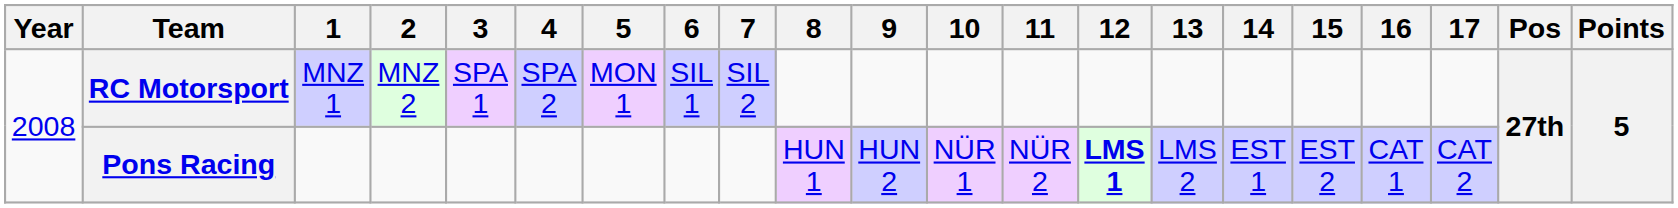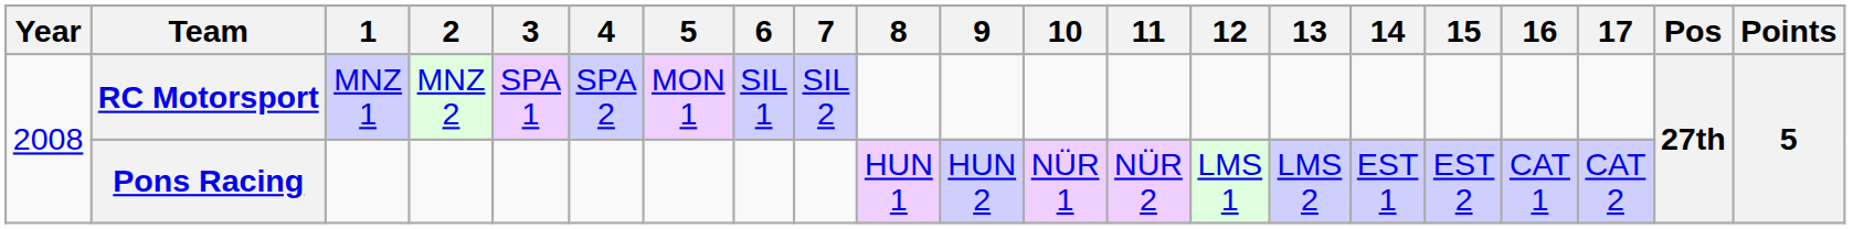 <table class="wikitable" style="text-align:center; font-size:85%">
 <tr>
 <th>Year</th>
 <th>Team</th>
 <th>1</th>
 <th>2</th>
 <th>3</th>
 <th>4</th>
 <th>5</th>
 <th>6</th>
 <th>7</th>
 <th>8</th>
 <th>9</th>
 <th>10</th>
 <th>11</th>
 <th>12</th>
 <th>13</th>
 <th>14</th>
 <th>15</th>
 <th>16</th>
 <th>17</th>
 <th>Pos</th>
 <th>Points</th>
 </tr>
 <tr>
 <td rowspan=2><a href='#'>2008</a></td>
 <th nowrap><a href='#'>RC Motorsport</a></th>
 <td style="background:#CFCFFF;"><a href='#'>MNZ<br>1</a><br></td>
 <td style="background:#DFFFDF;"><a href='#'>MNZ<br>2</a><br></td>
 <td style="background:#EFCFFF;"><a href='#'>SPA<br>1</a><br></td>
 <td style="background:#CFCFFF;"><a href='#'>SPA<br>2</a><br></td>
 <td style="background:#EFCFFF;"><a href='#'>MON<br>1</a><br></td>
 <td style="background:#CFCFFF;"><a href='#'>SIL<br>1</a><br></td>
 <td style="background:#CFCFFF;"><a href='#'>SIL<br>2</a><br></td>
 <td></td>
 <td></td>
 <td></td>
 <td></td>
 <td></td>
 <td></td>
 <td></td>
 <td></td>
 <td></td>
 <td></td>
 <th rowspan=2>27th</th>
 <th rowspan=2>5</th>
 </tr>
 <tr>
 <th nowrap><a href='#'>Pons Racing</a></th>
 <td></td>
 <td></td>
 <td></td>
 <td></td>
 <td></td>
 <td></td>
 <td></td>
 <td style="background:#EFCFFF;"><a href='#'>HUN<br>1</a><br></td>
 <td style="background:#CFCFFF;"><a href='#'>HUN<br>2</a><br></td>
 <td style="background:#EFCFFF;"><a href='#'>NÜR<br>1</a><br></td>
 <td style="background:#EFCFFF;"><a href='#'>NÜR<br>2</a><br></td>
-<td style="background:#DFFFDF;"><strong><a href='#'>LMS<br>1</a><br></strong></td>
+<td style="background:#DFFFDF;"><a href='#'>LMS<br>1</a><br></td>
 <td style="background:#CFCFFF;"><a href='#'>LMS<br>2</a><br></td>
 <td style="background:#CFCFFF;"><a href='#'>EST<br>1</a><br></td>
 <td style="background:#CFCFFF;"><a href='#'>EST<br>2</a><br></td>
 <td style="background:#CFCFFF;"><a href='#'>CAT<br>1</a><br></td>
 <td style="background:#CFCFFF;"><a href='#'>CAT<br>2</a><br></td>
 </tr>
 </table>
